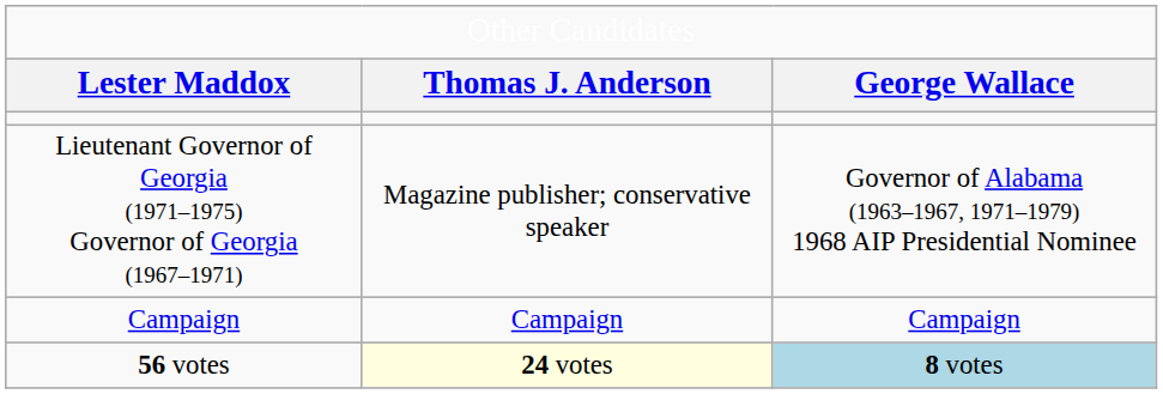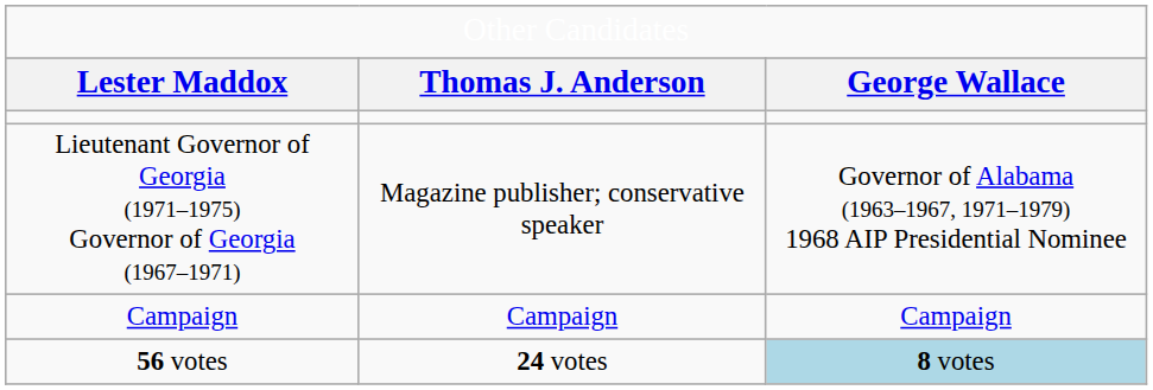 <table class="wikitable" style="font-size:90%">
 <tr>
 <td colspan="9" style="text-align:center; width:600px; font-size:120%; color:white; background: ">Other Candidates</td>
 </tr>
 <tr>
 <th scope="col" style="width:3em; font-size:120%;"><a href='#'>Lester Maddox</a></th>
 <th scope="col" style="width:3em; font-size:120%;"><a href='#'>Thomas J. Anderson</a></th>
 <th scope="col" style="width:3em; font-size:120%;"><a href='#'>George Wallace</a></th>
 </tr>
 <tr>
 <td></td>
 <td></td>
 <td></td>
 </tr>
 <tr style="text-align:center">
 <td>Lieutenant Governor of <a href='#'>Georgia</a> <br><small>(1971–1975)</small><br> Governor of <a href='#'>Georgia</a><br><small>(1967–1971)</small></td>
 <td>Magazine publisher; conservative speaker</td>
 <td>Governor of <a href='#'>Alabama</a> <br><small>(1963–1967, 1971–1979)</small> <br> 1968 AIP Presidential Nominee</td>
 </tr>
 <tr style="text-align:center">
 <td><a href='#'>Campaign</a></td>
 <td><a href='#'>Campaign</a></td>
 <td><a href='#'>Campaign</a></td>
 </tr>
 <tr style="text-align:center">
 <td><strong>56</strong> votes</td>
-<td style="background: lightyellow;"><strong>24</strong> votes</td>
+<td><strong>24</strong> votes</td>
 <td style="background: lightblue;"><strong>8</strong> votes</td>
 </tr>
 </table>
